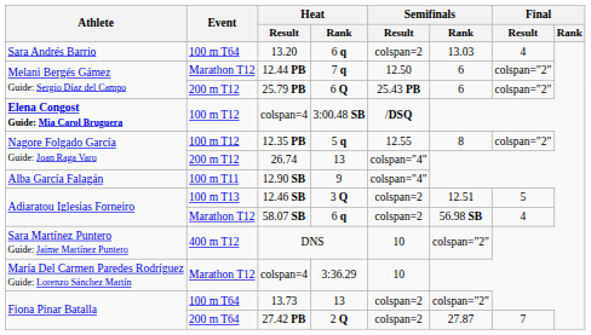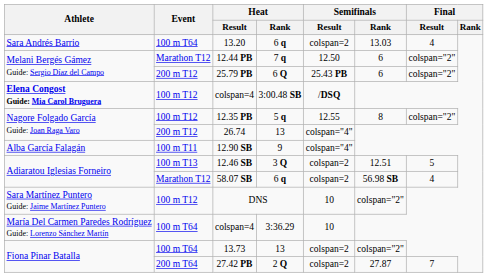 <table class="wikitable" style="font-size:90%">
 <tr>
 <th rowspan="2">Athlete</th>
 <th rowspan="2">Event</th>
 <th colspan="2">Heat</th>
 <th colspan="2">Semifinals</th>
 <th colspan="2">Final</th>
 </tr>
 <tr style="font-size:95%">
 <th>Result</th>
 <th>Rank</th>
 <th>Result</th>
 <th>Rank</th>
 <th>Result</th>
 <th>Rank</th>
 </tr>
 <tr align=center>
 <td align=left><a href='#'>Sara Andrés Barrio</a></td>
 <td align=left><a href='#'>100 m T64</a></td>
 <td>13.20</td>
 <td>6 <strong>q</strong></td>
 <td>colspan=2 </td>
 <td>13.03</td>
 <td>4</td>
 </tr>
 <tr align=center>
 <td align=left rowspan=2><a href='#'>Melani Bergés Gámez</a><br><small>Guide: <a href='#'>Sergio Díaz del Campo</a></small></td>
 <td align=left><a href='#'>Marathon T12</a></td>
 <td>12.44 <strong>PB</strong></td>
 <td>7 <strong>q</strong></td>
 <td>12.50</td>
 <td>6</td>
 <td>colspan="2" </td>
 </tr>
 <tr align=center>
 <td align=left><a href='#'>200 m T12</a></td>
 <td>25.79 <strong>PB</strong></td>
 <td>6 <strong>Q</strong></td>
 <td>25.43 <strong>PB</strong></td>
 <td>6</td>
 <td>colspan="2" </td>
 </tr>
 <tr align=center>
 <td align=left><strong><a href='#'>Elena Congost</a><br><small>Guide: <a href='#'>Mia Carol Bruguera</a></small></strong></td>
 <td align=left><a href='#'>100 m T12</a></td>
 <td>colspan=4 </td>
 <td>3:00.48 <strong>SB</strong></td>
 <td>/<strong>DSQ</strong></td>
 </tr>
 <tr align=center>
 <td align=left rowspan=2><a href='#'>Nagore Folgado García</a><br><small>Guide: <a href='#'>Joan Raga Varo</a></small></td>
 <td align=left><a href='#'>100 m T12</a></td>
 <td>12.35 <strong>PB</strong></td>
 <td>5 <strong>q</strong></td>
 <td>12.55</td>
 <td>8</td>
 <td>colspan="2" </td>
 </tr>
 <tr align=center>
 <td align=left><a href='#'>200 m T12</a></td>
 <td>26.74</td>
 <td>13</td>
 <td>colspan="4" </td>
 </tr>
 <tr align=center>
 <td align=left><a href='#'>Alba García Falagán</a></td>
 <td align=left><a href='#'>100 m T11</a></td>
 <td>12.90 <strong>SB</strong></td>
 <td>9</td>
 <td>colspan="4" </td>
 </tr>
 <tr align=center>
 <td align=left rowspan=2><a href='#'>Adiaratou Iglesias Forneiro</a></td>
 <td align=left><a href='#'>100 m T13</a></td>
 <td>12.46 <strong>SB</strong></td>
 <td>3 <strong>Q</strong></td>
 <td>colspan=2 </td>
 <td>12.51</td>
 <td>5</td>
 </tr>
 <tr align=center>
 <td align=left><a href='#'>Marathon T12</a></td>
 <td>58.07 <strong>SB</strong></td>
 <td>6 <strong>q</strong></td>
 <td>colspan=2 </td>
 <td>56.98 <strong>SB</strong></td>
 <td>4</td>
 </tr>
 <tr align=center>
 <td align=left><a href='#'>Sara Martínez Puntero</a><br><small>Guide: <a href='#'>Jaime Martínez Puntero</a></small></td>
-<td align=left><a href='#'>400 m T12</a></td>
+<td align=left><a href='#'>100 m T12</a></td>
 <td colspan="2">DNS</td>
 <td>10</td>
 <td>colspan="2" </td>
 </tr>
 <tr align=center>
 <td align=left><a href='#'>María Del Carmen Paredes Rodríguez</a><br><small>Guide: <a href='#'>Lorenzo Sánchez Martín</a></small></td>
-<td align=left><a href='#'>Marathon T12</a></td>
+<td align=left><a href='#'>100 m T64</a></td>
 <td>colspan=4 </td>
 <td>3:36.29</td>
 <td>10</td>
 </tr>
 <tr align=center>
 <td rowspan="2" align="left"><a href='#'>Fiona Pinar Batalla</a></td>
 <td align=left><a href='#'>100 m T64</a></td>
 <td>13.73</td>
 <td>13</td>
 <td>colspan=2 </td>
 <td>colspan="2" </td>
 </tr>
 <tr align=center>
 <td align=left><a href='#'>200 m T64</a></td>
 <td>27.42 <strong>PB</strong></td>
 <td>2 <strong>Q</strong></td>
 <td>colspan=2 </td>
 <td>27.87</td>
 <td>7</td>
 </tr>
 </table>
